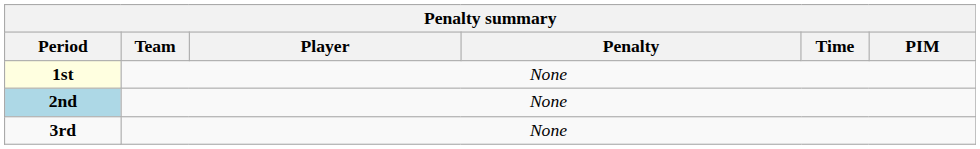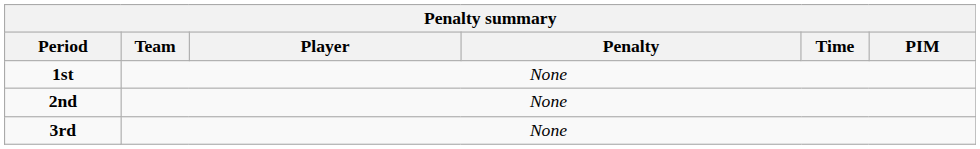 <table style="width:100%;" class="wikitable">
 <tr>
 <th colspan=6>Penalty summary</th>
 </tr>
 <tr>
 <th style="width:12%;">Period</th>
 <th style="width:7%;">Team</th>
 <th style="width:28%;">Player</th>
 <th style="width:35%;">Penalty</th>
 <th style="width:7%;">Time</th>
 <th style="width:11%;">PIM</th>
 </tr>
 <tr style="text-align:center;">
-<td style="background: lightyellow;"><strong>1st</strong></td>
+<td><strong>1st</strong></td>
 <td colspan="5"><em>None</em></td>
 </tr>
 <tr style="text-align:center;">
-<td style="background: lightblue;"><strong>2nd</strong></td>
+<td><strong>2nd</strong></td>
 <td colspan="5"><em>None</em></td>
 </tr>
 <tr style="text-align:center;">
 <td><strong>3rd</strong></td>
 <td colspan="5"><em>None</em></td>
 </tr>
 </table>
